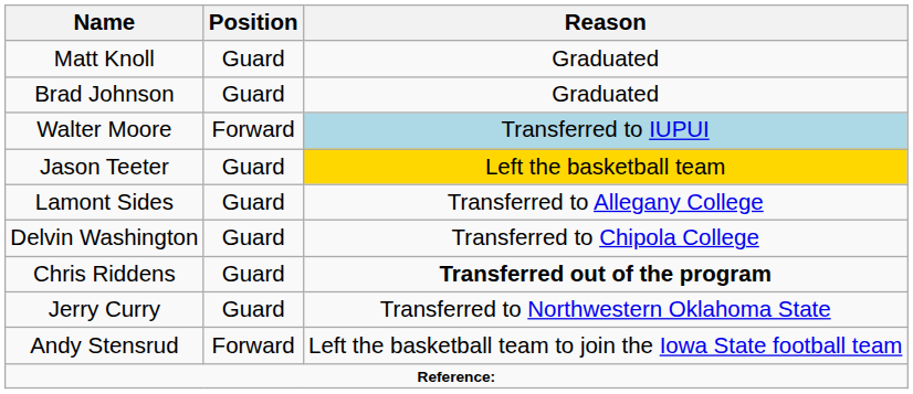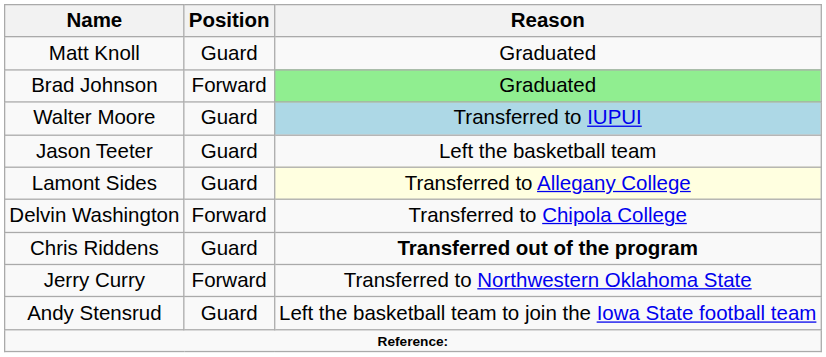 <table class="wikitable" style="text-align: center">
 <tr align=center>
 <th>Name</th>
 <th>Position</th>
 <th>Reason</th>
 </tr>
 <tr>
 <td>Matt Knoll</td>
 <td>Guard</td>
 <td>Graduated</td>
 </tr>
 <tr>
 <td>Brad Johnson</td>
-<td>Guard</td>
-<td>Graduated</td>
+<td>Forward</td>
+<td style="background: lightgreen;">Graduated</td>
 </tr>
 <tr>
 <td>Walter Moore</td>
-<td>Forward</td>
+<td>Guard</td>
 <td style="background: lightblue;">Transferred to <a href='#'>IUPUI</a></td>
 </tr>
 <tr>
 <td>Jason Teeter</td>
 <td>Guard</td>
-<td style="background: gold;">Left the basketball team</td>
+<td>Left the basketball team</td>
 </tr>
 <tr>
 <td>Lamont Sides</td>
 <td>Guard</td>
-<td>Transferred to <a href='#'>Allegany College</a></td>
+<td style="background: lightyellow;">Transferred to <a href='#'>Allegany College</a></td>
 </tr>
 <tr>
 <td>Delvin Washington</td>
-<td>Guard</td>
+<td>Forward</td>
 <td>Transferred to <a href='#'>Chipola College</a></td>
 </tr>
 <tr>
 <td>Chris Riddens</td>
 <td>Guard</td>
 <td><strong>Transferred out of the program</strong></td>
 </tr>
 <tr>
 <td>Jerry Curry</td>
-<td>Guard</td>
+<td>Forward</td>
 <td>Transferred to <a href='#'>Northwestern Oklahoma State</a></td>
 </tr>
 <tr>
 <td>Andy Stensrud</td>
-<td>Forward</td>
+<td>Guard</td>
 <td>Left the basketball team to join the <a href='#'>Iowa State football team</a></td>
 </tr>
 <tr>
 <td colspan="6"  style="font-size:8pt; text-align:center;"><strong>Reference:</strong></td>
 </tr>
 </table>
